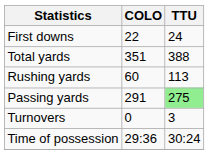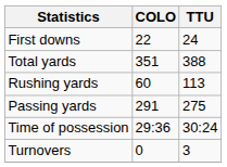 <table class="wikitable" style="float: left;">
 <tr>
 <th>Statistics</th>
 <th>COLO</th>
 <th>TTU</th>
 </tr>
 <tr>
 <td>First downs</td>
 <td>22</td>
 <td>24</td>
 </tr>
 <tr>
 <td>Total yards</td>
 <td>351</td>
 <td>388</td>
 </tr>
 <tr>
 <td>Rushing yards</td>
 <td>60</td>
 <td>113</td>
 </tr>
 <tr>
 <td>Passing yards</td>
 <td>291</td>
-<td style="background: lightgreen;">275</td>
+<td>275</td>
+</tr>
+<tr>
+<td>Time of possession</td>
+<td>29:36</td>
+<td>30:24</td>
 </tr>
 <tr>
 <td>Turnovers</td>
 <td>0</td>
 <td>3</td>
 </tr>
 <tr>
-<td>Time of possession</td>
-<td>29:36</td>
-<td>30:24</td>
-</tr>
-<tr>
 </tr>
 </table>
